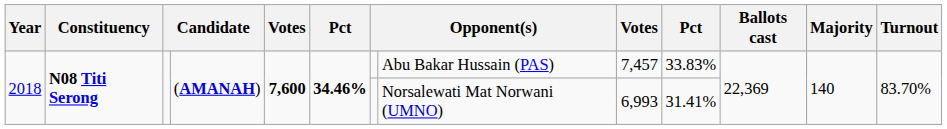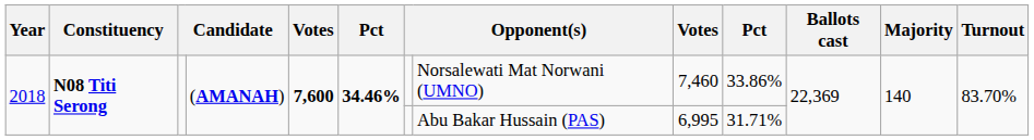 <table class="wikitable" style="margin:0.5em ; font-size:95%">
 <tr>
 <th>Year</th>
 <th>Constituency</th>
 <th colspan=2>Candidate</th>
 <th>Votes</th>
 <th>Pct</th>
 <th colspan=2>Opponent(s)</th>
 <th>Votes</th>
 <th>Pct</th>
 <th>Ballots cast</th>
 <th>Majority</th>
 <th>Turnout</th>
 </tr>
 <tr>
 <td rowspan=2><a href='#'>2018</a></td>
 <td rowspan=2><strong>N08 <a href='#'>Titi Serong</a></strong></td>
 <td rowspan=2 ></td>
 <td rowspan=2> (<a href='#'><strong>AMANAH</strong></a>)</td>
 <td rowspan=2 align="right"><strong>7,600</strong></td>
 <td rowspan=2><strong>34.46%</strong></td>
 <td></td>
-<td>Abu Bakar Hussain (<a href='#'>PAS</a>)</td>
-<td align="right">7,457</td>
-<td>33.83%</td>
+<td>Norsalewati Mat Norwani (<a href='#'>UMNO</a>)</td>
+<td align="right">7,460</td>
+<td>33.86%</td>
 <td rowspan=2>22,369</td>
 <td rowspan=2>140</td>
 <td rowspan=2>83.70%</td>
 </tr>
 <tr>
 <td></td>
-<td>Norsalewati Mat Norwani (<a href='#'>UMNO</a>)</td>
-<td align="right">6,993</td>
-<td>31.41%</td>
+<td>Abu Bakar Hussain (<a href='#'>PAS</a>)</td>
+<td align="right">6,995</td>
+<td>31.71%</td>
 </tr>
 </table>
